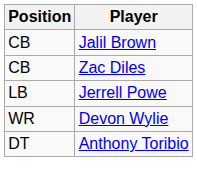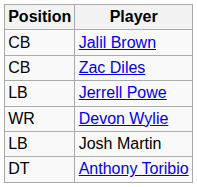 <table class="wikitable sortable">
 <tr>
 <th>Position</th>
 <th>Player</th>
 </tr>
 <tr>
 <td>CB</td>
 <td><a href='#'>Jalil Brown</a></td>
 </tr>
 <tr>
 <td>CB</td>
 <td><a href='#'>Zac Diles</a></td>
 </tr>
 <tr>
 <td>LB</td>
 <td><a href='#'>Jerrell Powe</a></td>
 </tr>
 <tr>
 <td>WR</td>
 <td><a href='#'>Devon Wylie</a></td>
 </tr>
 <tr>
+<td>LB</td>
+<td>Josh Martin</td>
+</tr>
+<tr>
 <td>DT</td>
 <td><a href='#'>Anthony Toribio</a></td>
 </tr>
 </table>
